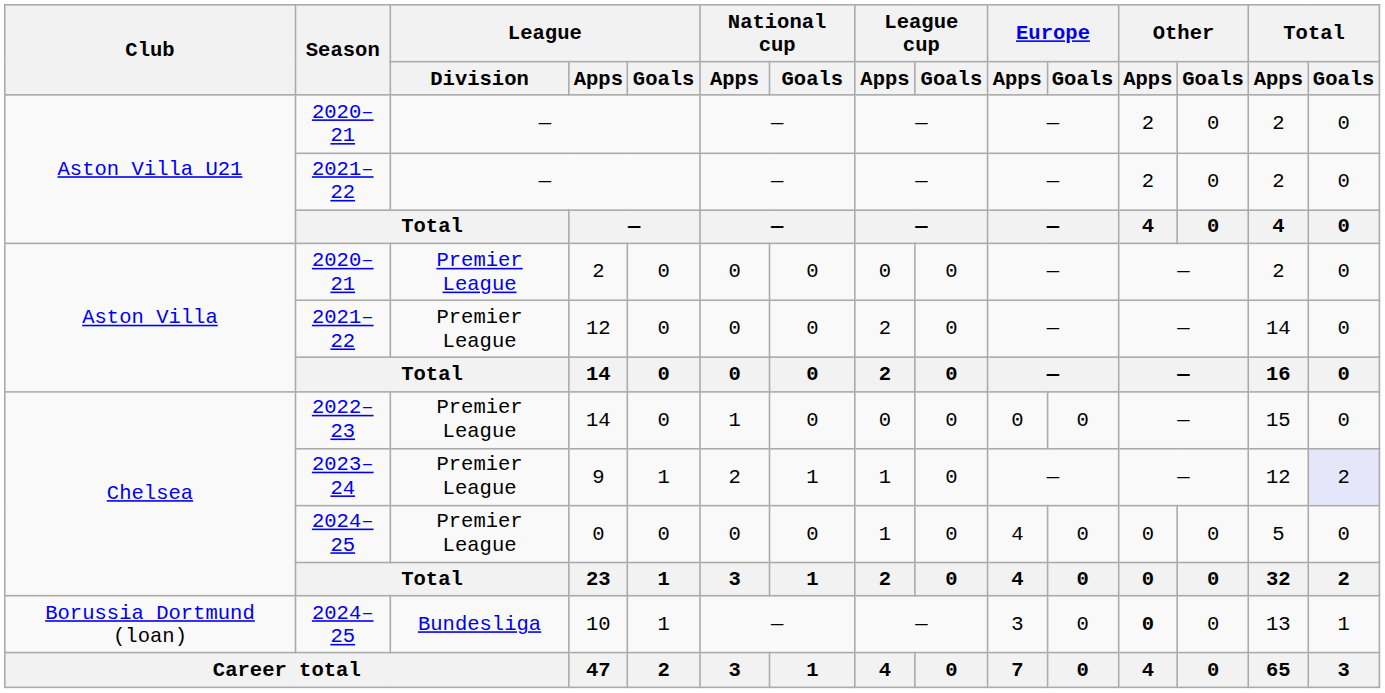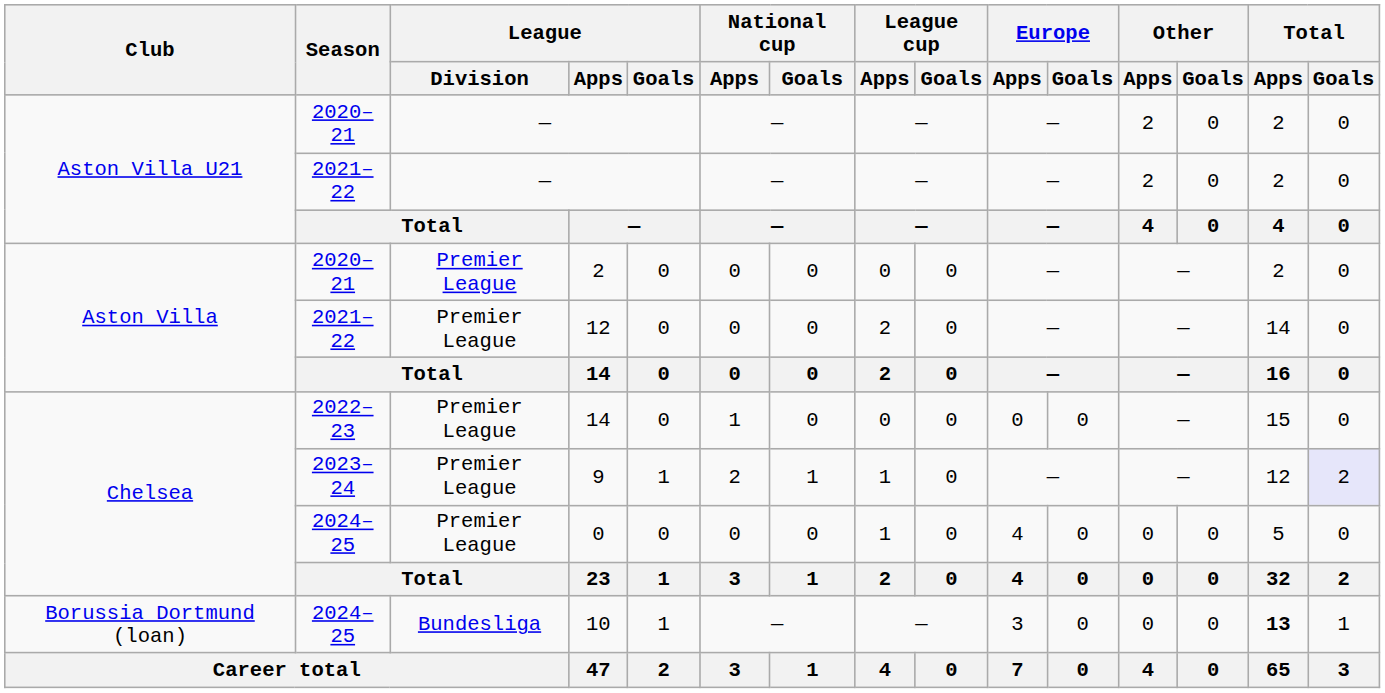 <table class="wikitable" style="text-align: center;">
 <tr>
 <th rowspan="2">Club</th>
 <th rowspan="2">Season</th>
 <th colspan="3">League</th>
 <th colspan="2">National cup</th>
 <th colspan="2">League cup</th>
 <th colspan="2"><a href='#'>Europe</a></th>
 <th colspan="2">Other</th>
 <th colspan="2">Total</th>
 </tr>
 <tr>
 <th>Division</th>
 <th>Apps</th>
 <th>Goals</th>
 <th>Apps</th>
 <th>Goals</th>
 <th>Apps</th>
 <th>Goals</th>
 <th>Apps</th>
 <th>Goals</th>
 <th>Apps</th>
 <th>Goals</th>
 <th>Apps</th>
 <th>Goals</th>
 </tr>
 <tr>
 <td rowspan="3"><a href='#'>Aston Villa U21</a></td>
 <td><a href='#'>2020–21</a></td>
 <td colspan="3">—</td>
 <td colspan="2">—</td>
 <td colspan="2">—</td>
 <td colspan="2">—</td>
 <td>2</td>
 <td>0</td>
 <td>2</td>
 <td>0</td>
 </tr>
 <tr>
 <td><a href='#'>2021–22</a></td>
 <td colspan="3">—</td>
 <td colspan="2">—</td>
 <td colspan="2">—</td>
 <td colspan="2">—</td>
 <td>2</td>
 <td>0</td>
 <td>2</td>
 <td>0</td>
 </tr>
 <tr>
 <th colspan="2">Total</th>
 <th colspan="2">—</th>
 <th colspan="2">—</th>
 <th colspan="2">—</th>
 <th colspan="2">—</th>
 <th>4</th>
 <th>0</th>
 <th>4</th>
 <th>0</th>
 </tr>
 <tr>
 <td rowspan="3"><a href='#'>Aston Villa</a></td>
 <td><a href='#'>2020–21</a></td>
 <td><a href='#'>Premier League</a></td>
 <td>2</td>
 <td>0</td>
 <td>0</td>
 <td>0</td>
 <td>0</td>
 <td>0</td>
 <td colspan="2">—</td>
 <td colspan="2">—</td>
 <td>2</td>
 <td>0</td>
 </tr>
 <tr>
 <td><a href='#'>2021–22</a></td>
 <td>Premier League</td>
 <td>12</td>
 <td>0</td>
 <td>0</td>
 <td>0</td>
 <td>2</td>
 <td>0</td>
 <td colspan="2">—</td>
 <td colspan="2">—</td>
 <td>14</td>
 <td>0</td>
 </tr>
 <tr>
 <th colspan="2">Total</th>
 <th>14</th>
 <th>0</th>
 <th>0</th>
 <th>0</th>
 <th>2</th>
 <th>0</th>
 <th colspan="2">—</th>
 <th colspan="2">—</th>
 <th>16</th>
 <th>0</th>
 </tr>
 <tr>
 <td rowspan="4"><a href='#'>Chelsea</a></td>
 <td><a href='#'>2022–23</a></td>
 <td>Premier League</td>
 <td>14</td>
 <td>0</td>
 <td>1</td>
 <td>0</td>
 <td>0</td>
 <td>0</td>
 <td>0</td>
 <td>0</td>
 <td colspan="2">—</td>
 <td>15</td>
 <td>0</td>
 </tr>
 <tr>
 <td><a href='#'>2023–24</a></td>
 <td>Premier League</td>
 <td>9</td>
 <td>1</td>
 <td>2</td>
 <td>1</td>
 <td>1</td>
 <td>0</td>
 <td colspan="2">—</td>
 <td colspan="2">—</td>
 <td>12</td>
 <td style="background: lavender;">2</td>
 </tr>
 <tr>
 <td><a href='#'>2024–25</a></td>
 <td>Premier League</td>
 <td>0</td>
 <td>0</td>
 <td>0</td>
 <td>0</td>
 <td>1</td>
 <td>0</td>
 <td>4</td>
 <td>0</td>
 <td>0</td>
 <td>0</td>
 <td>5</td>
 <td>0</td>
 </tr>
 <tr>
 <th colspan="2">Total</th>
 <th>23</th>
 <th>1</th>
 <th>3</th>
 <th>1</th>
 <th>2</th>
 <th>0</th>
 <th>4</th>
 <th>0</th>
 <th>0</th>
 <th>0</th>
 <th>32</th>
 <th>2</th>
 </tr>
 <tr>
 <td><a href='#'>Borussia Dortmund</a> (loan)</td>
 <td><a href='#'>2024–25</a></td>
 <td><a href='#'>Bundesliga</a></td>
 <td>10</td>
 <td>1</td>
 <td colspan="2">—</td>
 <td colspan="2">—</td>
 <td>3</td>
 <td>0</td>
-<td><strong>0</strong></td>
 <td>0</td>
-<td>13</td>
+<td>0</td>
+<td><strong>13</strong></td>
 <td>1</td>
 </tr>
 <tr>
 <th colspan="3">Career total</th>
 <th>47</th>
 <th>2</th>
 <th>3</th>
 <th>1</th>
 <th>4</th>
 <th>0</th>
 <th>7</th>
 <th>0</th>
 <th>4</th>
 <th>0</th>
 <th>65</th>
 <th>3</th>
 </tr>
 </table>
